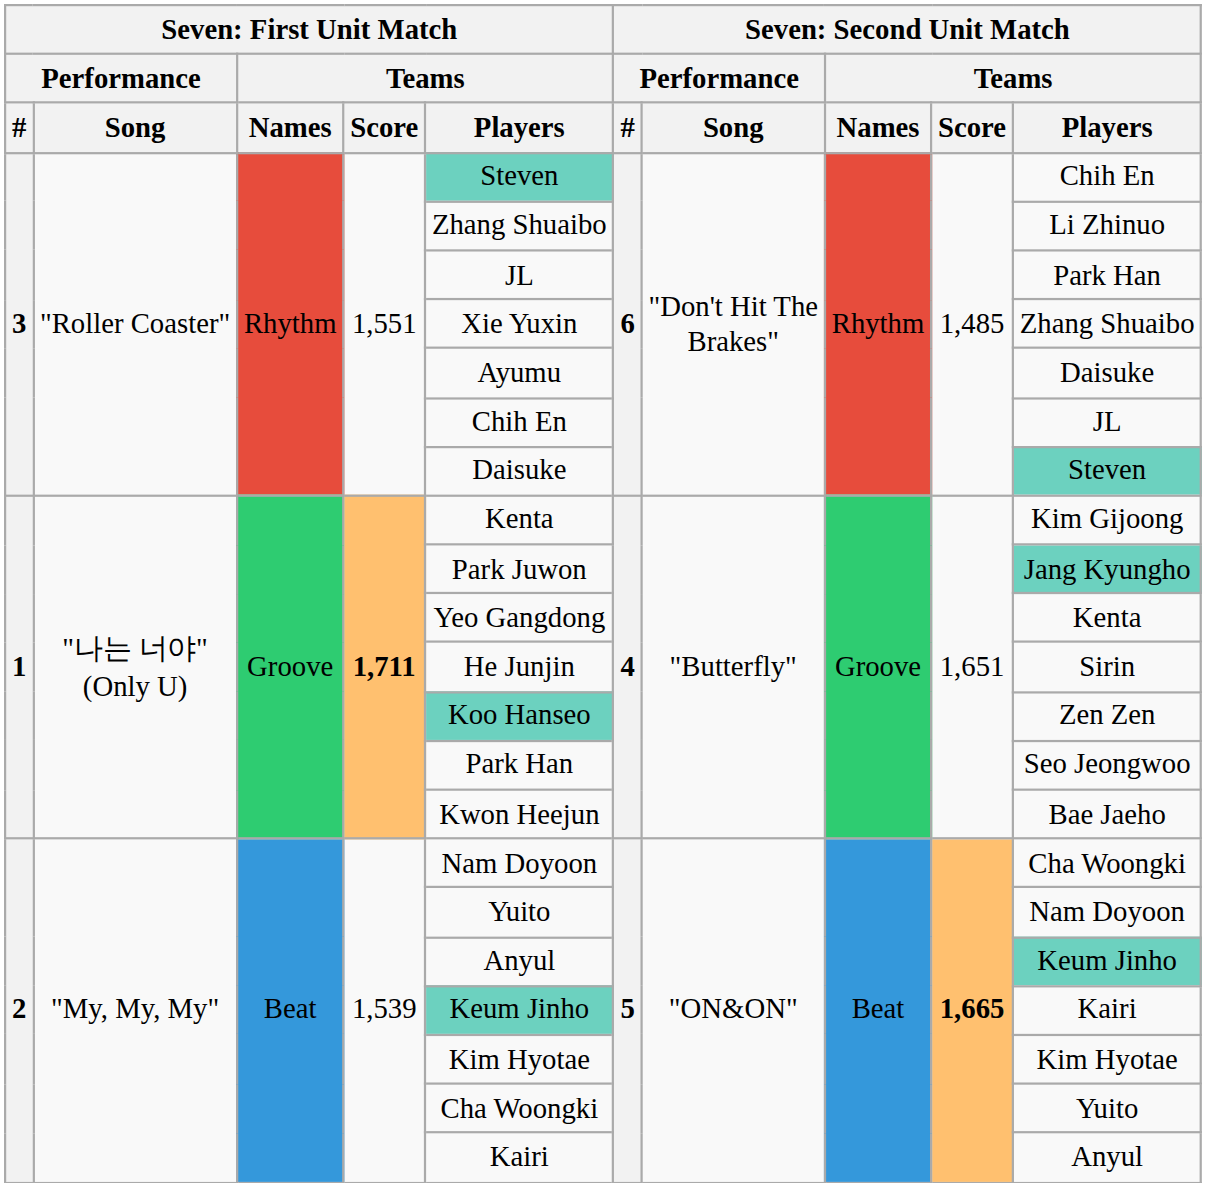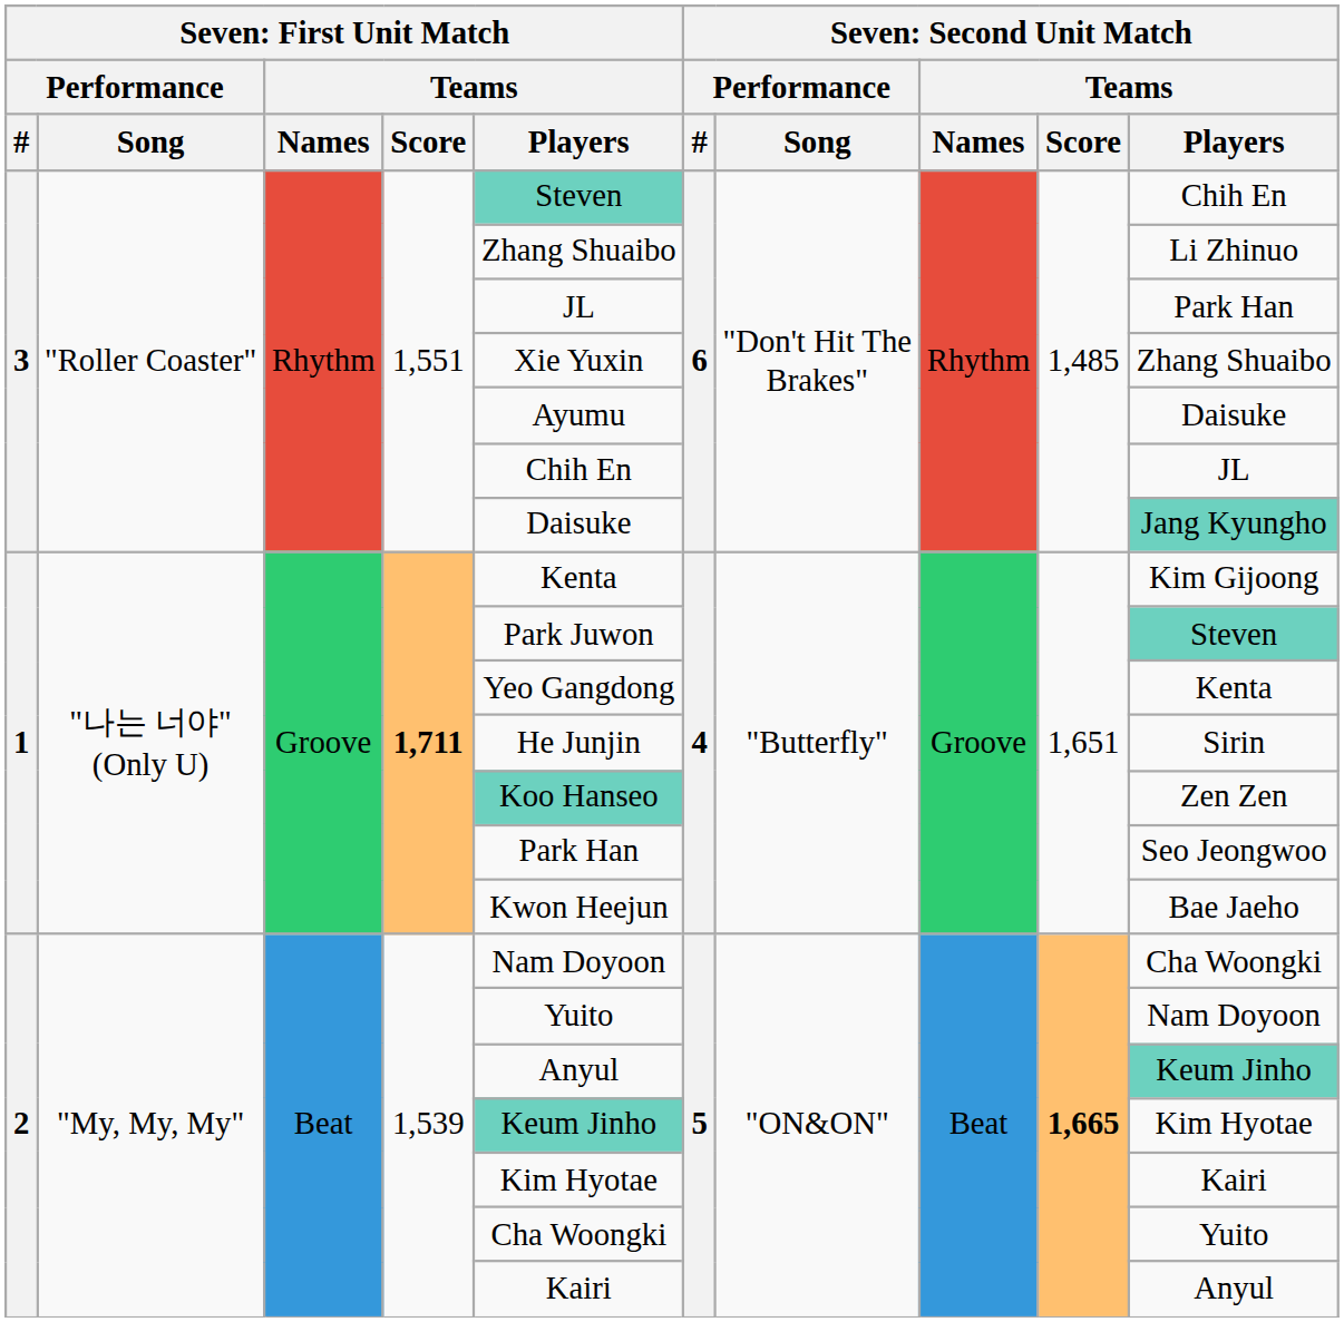 <table class="wikitable sortable" style="text-align:center; font-size: small">
 <tr>
 <th colspan="5">Seven: First Unit Match</th>
 <th colspan="5">Seven: Second Unit Match</th>
 </tr>
 <tr>
 <th colspan="2">Performance</th>
 <th colspan="3">Teams</th>
 <th colspan="2">Performance</th>
 <th colspan="3">Teams</th>
 </tr>
 <tr>
 <th>#</th>
 <th>Song</th>
 <th>Names</th>
 <th>Score</th>
 <th>Players</th>
 <th>#</th>
 <th>Song</th>
 <th>Names</th>
 <th>Score</th>
 <th>Players</th>
 </tr>
 <tr>
 <th rowspan="7">3</th>
 <td rowspan="7">"Roller Coaster"</td>
 <td rowspan="7" style="background:#e74c3c">Rhythm</td>
 <td rowspan="7">1,551</td>
 <td style="background:#6CD1BF">Steven</td>
 <th rowspan="7">6</th>
 <td rowspan="7">"Don't Hit The<br>Brakes"</td>
 <td rowspan="7" style="background:#e74c3c">Rhythm</td>
 <td rowspan="7">1,485</td>
 <td>Chih En</td>
 </tr>
 <tr>
 <td>Zhang Shuaibo</td>
 <td>Li Zhinuo</td>
 </tr>
 <tr>
 <td>JL</td>
 <td>Park Han</td>
 </tr>
 <tr>
 <td>Xie Yuxin</td>
 <td>Zhang Shuaibo</td>
 </tr>
 <tr>
 <td>Ayumu</td>
 <td>Daisuke</td>
 </tr>
 <tr>
 <td>Chih En</td>
 <td>JL</td>
 </tr>
 <tr>
 <td>Daisuke</td>
-<td style="background:#6CD1BF">Steven</td>
+<td style="background:#6CD1BF">Jang Kyungho</td>
 </tr>
 <tr>
 <th rowspan="7">1</th>
 <td rowspan="7">"나는 너야" <br>(Only U)</td>
 <td rowspan="7" style="background:#2ecc71">Groove</td>
 <td rowspan="7" style="background:#FFC06F"><strong>1,711</strong></td>
 <td>Kenta</td>
 <th rowspan="7">4</th>
 <td rowspan="7">"Butterfly"</td>
 <td rowspan="7" style="background:#2ecc71">Groove</td>
 <td rowspan="7">1,651</td>
 <td>Kim Gijoong</td>
 </tr>
 <tr>
 <td>Park Juwon</td>
-<td style="background:#6CD1BF">Jang Kyungho</td>
+<td style="background:#6CD1BF">Steven</td>
 </tr>
 <tr>
 <td>Yeo Gangdong</td>
 <td>Kenta</td>
 </tr>
 <tr>
 <td>He Junjin</td>
 <td>Sirin</td>
 </tr>
 <tr>
 <td style="background:#6CD1BF">Koo Hanseo</td>
 <td>Zen Zen</td>
 </tr>
 <tr>
 <td>Park Han</td>
 <td>Seo Jeongwoo</td>
 </tr>
 <tr>
 <td>Kwon Heejun</td>
 <td>Bae Jaeho</td>
 </tr>
 <tr>
 <th rowspan="7">2</th>
 <td rowspan="7">"My, My, My"</td>
 <td rowspan="7" style="background:#3498db">Beat</td>
 <td rowspan="7">1,539</td>
 <td>Nam Doyoon</td>
 <th rowspan="7">5</th>
 <td rowspan="7">"ON&ON"</td>
 <td rowspan="7" style="background:#3498db">Beat</td>
 <td rowspan="7" style="background:#FFC06F"><strong>1,665</strong></td>
 <td>Cha Woongki</td>
 </tr>
 <tr>
 <td>Yuito</td>
 <td>Nam Doyoon</td>
 </tr>
 <tr>
 <td>Anyul</td>
 <td style="background:#6CD1BF">Keum Jinho</td>
 </tr>
 <tr>
 <td style="background:#6CD1BF">Keum Jinho</td>
-<td>Kairi</td>
+<td>Kim Hyotae</td>
 </tr>
 <tr>
 <td>Kim Hyotae</td>
-<td>Kim Hyotae</td>
+<td>Kairi</td>
 </tr>
 <tr>
 <td>Cha Woongki</td>
 <td>Yuito</td>
 </tr>
 <tr>
 <td>Kairi</td>
 <td>Anyul</td>
 </tr>
 </table>
